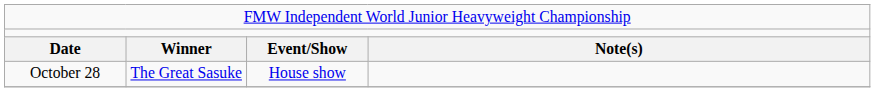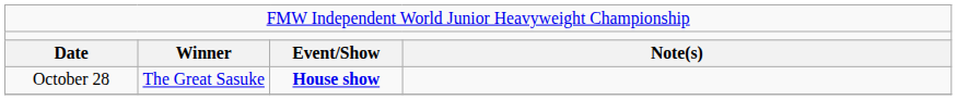 <table class="wikitable" style="text-align:center; width:100%;">
 <tr>
 <td colspan="5"><a href='#'>FMW Independent World Junior Heavyweight Championship</a></td>
 </tr>
 <tr>
 <td colspan="5"><strong></strong></td>
 </tr>
 <tr>
 <th width="14%">Date</th>
 <th width="14%">Winner</th>
 <th width="14%">Event/Show</th>
 <th width="58%">Note(s)</th>
 </tr>
 <tr>
 <td>October 28</td>
 <td><a href='#'>The Great Sasuke</a></td>
-<td><a href='#'>House show</a></td>
+<td><strong><a href='#'>House show</a></strong></td>
 <td align="left"></td>
 </tr>
 <tr>
 </tr>
 </table>
